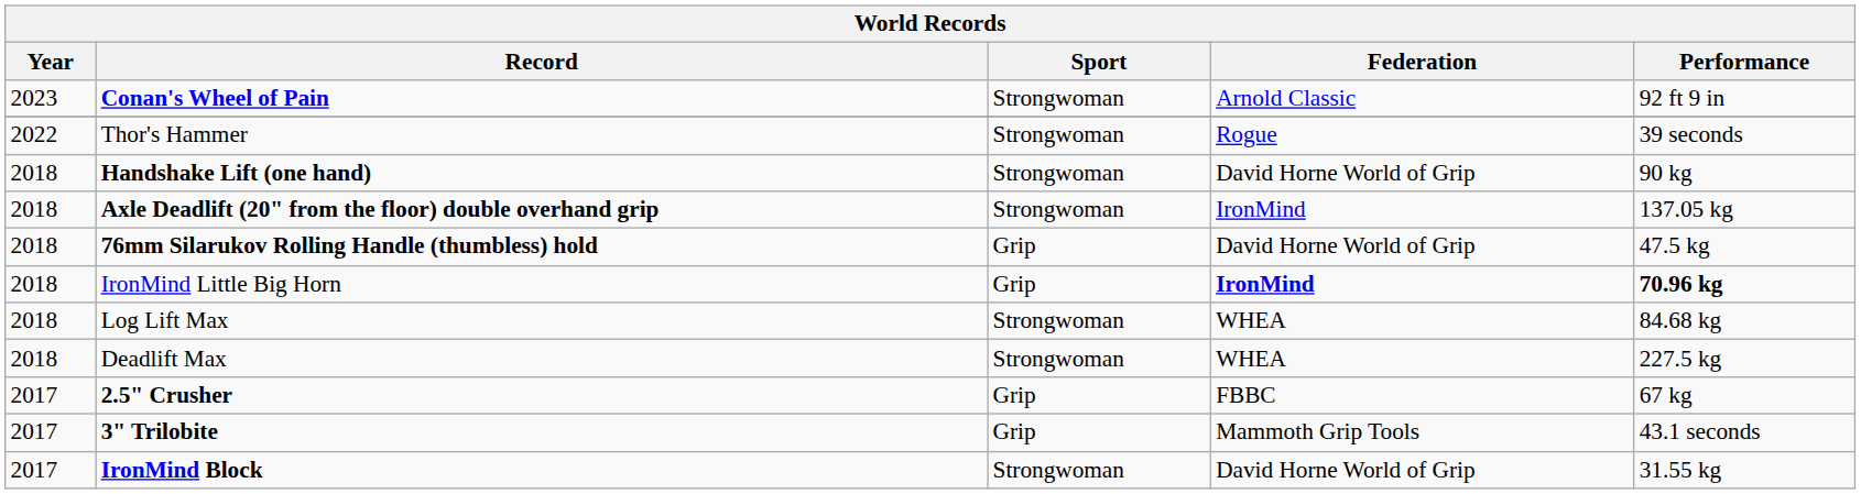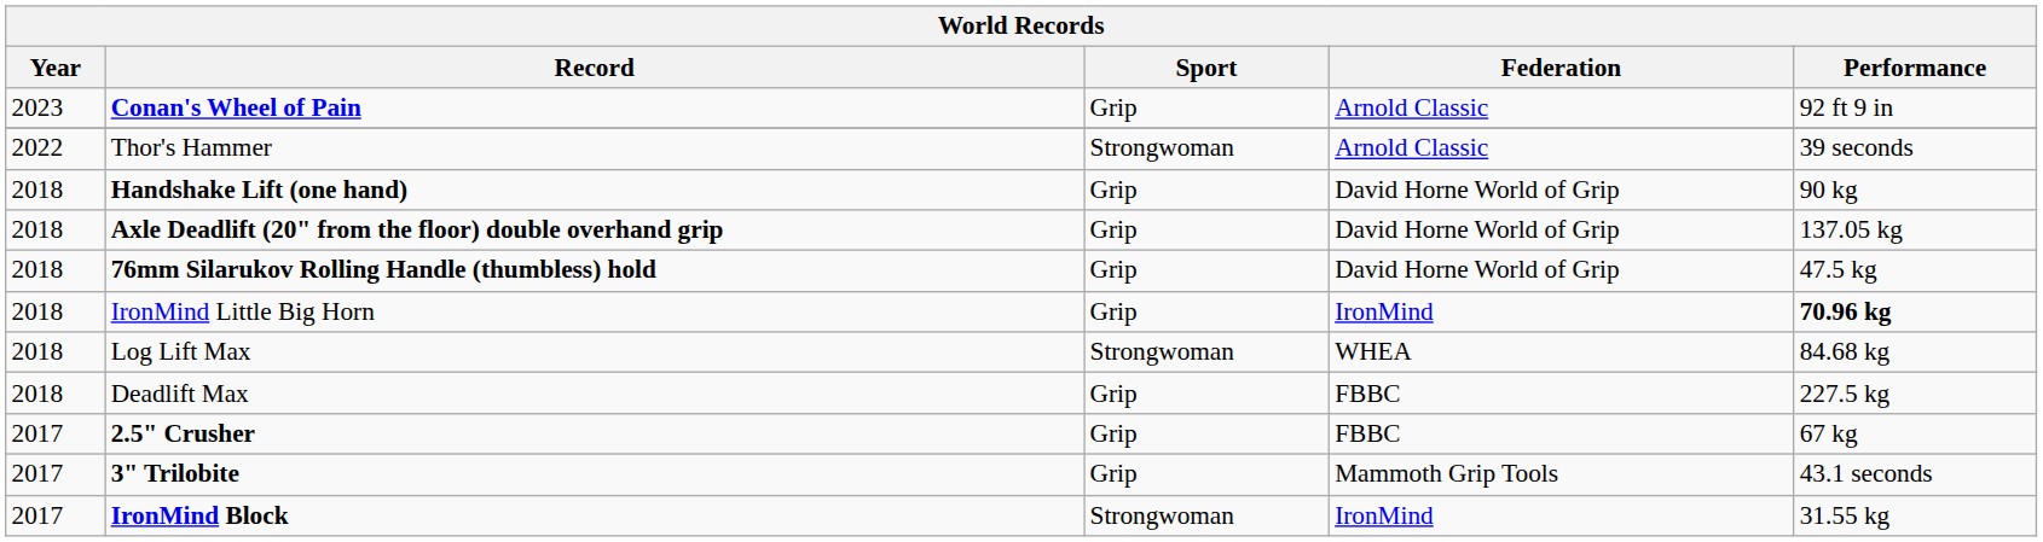 <table class="wikitable" style="display: inline-table;width: 100%;">
 <tr>
 <th colspan="6">World Records </th>
 </tr>
 <tr>
 <th>Year</th>
 <th>Record</th>
 <th>Sport</th>
 <th>Federation</th>
 <th>Performance</th>
 </tr>
 <tr>
 <td>2023</td>
 <td><strong><a href='#'>Conan's Wheel of Pain</a></strong></td>
-<td>Strongwoman</td>
+<td>Grip</td>
 <td><a href='#'>Arnold Classic</a></td>
 <td>92 ft 9 in</td>
 </tr>
 <tr>
 </tr>
 <tr>
 <td>2022</td>
 <td>Thor's Hammer</td>
 <td>Strongwoman</td>
-<td><a href='#'>Rogue</a></td>
+<td><a href='#'>Arnold Classic</a></td>
 <td>39 seconds</td>
 </tr>
 <tr>
 <td>2018</td>
 <td><strong>Handshake Lift (one hand)</strong></td>
-<td>Strongwoman</td>
+<td>Grip</td>
 <td>David Horne World of Grip</td>
 <td>90 kg</td>
 </tr>
 <tr>
 <td>2018</td>
 <td><strong>Axle Deadlift (20" from the floor) double overhand grip</strong></td>
-<td>Strongwoman</td>
-<td><a href='#'>IronMind</a></td>
+<td>Grip</td>
+<td>David Horne World of Grip</td>
 <td>137.05 kg</td>
 </tr>
 <tr>
 <td>2018</td>
 <td><strong>76mm Silarukov Rolling Handle (thumbless) hold</strong></td>
 <td>Grip</td>
 <td>David Horne World of Grip</td>
 <td>47.5 kg</td>
 </tr>
 <tr>
 <td>2018</td>
 <td><a href='#'>IronMind</a> Little Big Horn</td>
 <td>Grip</td>
-<td><strong><a href='#'>IronMind</a></strong></td>
+<td><a href='#'>IronMind</a></td>
 <td><strong>70.96 kg</strong></td>
 </tr>
 <tr>
 <td>2018</td>
 <td>Log Lift Max</td>
 <td>Strongwoman</td>
 <td>WHEA</td>
 <td>84.68 kg</td>
 </tr>
 <tr>
 <td>2018</td>
 <td>Deadlift Max</td>
-<td>Strongwoman</td>
-<td>WHEA</td>
+<td>Grip</td>
+<td>FBBC</td>
 <td>227.5 kg</td>
 </tr>
 <tr>
 <td>2017</td>
 <td><strong>2.5" Crusher</strong></td>
 <td>Grip</td>
 <td>FBBC</td>
 <td>67 kg</td>
 </tr>
 <tr>
 <td>2017</td>
 <td><strong>3" Trilobite</strong></td>
 <td>Grip</td>
 <td>Mammoth Grip Tools</td>
 <td>43.1 seconds</td>
 </tr>
 <tr>
 <td>2017</td>
 <td><strong><a href='#'>IronMind</a> Block</strong></td>
 <td>Strongwoman</td>
-<td>David Horne World of Grip</td>
+<td><a href='#'>IronMind</a></td>
 <td>31.55 kg</td>
 </tr>
 </table>
